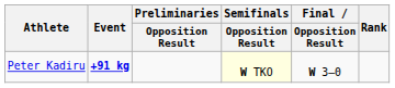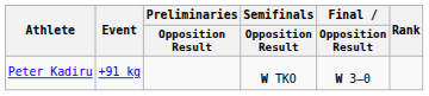 <table class="wikitable" style="font-size:90%;">
 <tr>
 <th rowspan=2>Athlete</th>
 <th rowspan=2>Event</th>
 <th>Preliminaries</th>
 <th>Semifinals</th>
 <th>Final / </th>
 <th rowspan=2>Rank</th>
 </tr>
 <tr style="font-size:95%">
 <th>Opposition<br>Result</th>
 <th>Opposition<br>Result</th>
 <th>Opposition<br>Result</th>
 </tr>
 <tr align=center>
 <td align=left><a href='#'>Peter Kadiru</a></td>
-<td align=left><strong><a href='#'>+91 kg</a></strong></td>
+<td align=left><a href='#'>+91 kg</a></td>
 <td></td>
-<td style="background: lightyellow;"><br><strong>W</strong> TKO</td>
+<td><br><strong>W</strong> TKO</td>
 <td><br><strong>W</strong> 3–0</td>
 <td></td>
 </tr>
 </table>
